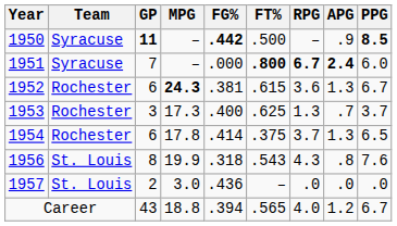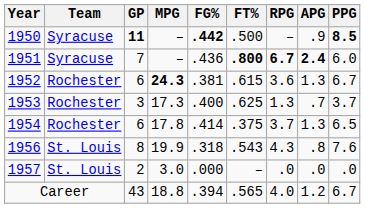 <table class="wikitable sortable" style="font-size:95%; text-align:right;">
 <tr>
 <th>Year</th>
 <th>Team</th>
 <th>GP</th>
 <th>MPG</th>
 <th>FG%</th>
 <th>FT%</th>
 <th>RPG</th>
 <th>APG</th>
 <th>PPG</th>
 </tr>
 <tr>
 <td style="text-align:left;"><a href='#'>1950</a></td>
 <td style="text-align:left;"><a href='#'>Syracuse</a></td>
 <td><strong>11</strong></td>
 <td>–</td>
 <td><strong>.442</strong></td>
 <td>.500</td>
 <td>–</td>
 <td>.9</td>
 <td><strong>8.5</strong></td>
 </tr>
 <tr>
 <td style="text-align:left;"><a href='#'>1951</a></td>
 <td style="text-align:left;"><a href='#'>Syracuse</a></td>
 <td>7</td>
 <td>–</td>
-<td>.000</td>
+<td>.436</td>
 <td><strong>.800</strong></td>
 <td><strong>6.7</strong></td>
 <td><strong>2.4</strong></td>
 <td>6.0</td>
 </tr>
 <tr>
 <td style="text-align:left;"><a href='#'>1952</a></td>
 <td style="text-align:left;"><a href='#'>Rochester</a></td>
 <td>6</td>
 <td><strong>24.3</strong></td>
 <td>.381</td>
 <td>.615</td>
 <td>3.6</td>
 <td>1.3</td>
 <td>6.7</td>
 </tr>
 <tr>
 <td style="text-align:left;"><a href='#'>1953</a></td>
 <td style="text-align:left;"><a href='#'>Rochester</a></td>
 <td>3</td>
 <td>17.3</td>
 <td>.400</td>
 <td>.625</td>
 <td>1.3</td>
 <td>.7</td>
 <td>3.7</td>
 </tr>
 <tr>
 <td style="text-align:left;"><a href='#'>1954</a></td>
 <td style="text-align:left;"><a href='#'>Rochester</a></td>
 <td>6</td>
 <td>17.8</td>
 <td>.414</td>
 <td>.375</td>
 <td>3.7</td>
 <td>1.3</td>
 <td>6.5</td>
 </tr>
 <tr>
 <td style="text-align:left;"><a href='#'>1956</a></td>
 <td style="text-align:left;"><a href='#'>St. Louis</a></td>
 <td>8</td>
 <td>19.9</td>
 <td>.318</td>
 <td>.543</td>
 <td>4.3</td>
 <td>.8</td>
 <td>7.6</td>
 </tr>
 <tr>
 <td style="text-align:left;"><a href='#'>1957</a></td>
 <td style="text-align:left;"><a href='#'>St. Louis</a></td>
 <td>2</td>
 <td>3.0</td>
-<td>.436</td>
+<td>.000</td>
 <td>–</td>
 <td>.0</td>
 <td>.0</td>
 <td>.0</td>
 </tr>
 <tr class="sortbottom">
 <td style="text-align:center;" colspan="2">Career</td>
 <td>43</td>
 <td>18.8</td>
 <td>.394</td>
 <td>.565</td>
 <td>4.0</td>
 <td>1.2</td>
 <td>6.7</td>
 </tr>
 </table>
